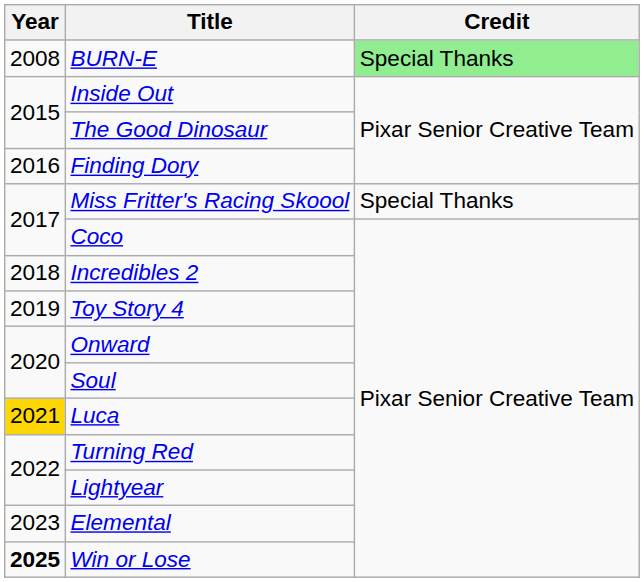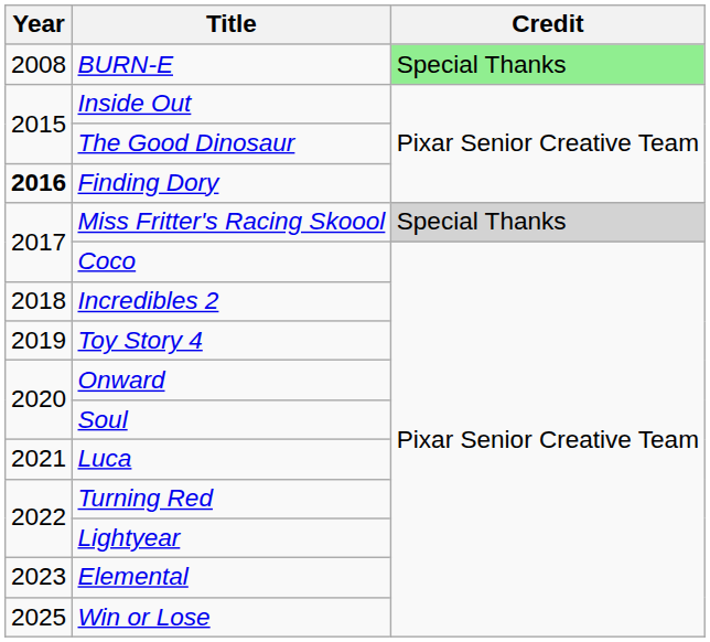 <table class="wikitable">
 <tr>
 <th>Year</th>
 <th>Title</th>
 <th>Credit</th>
 </tr>
 <tr>
 <td>2008</td>
 <td><em><a href='#'>BURN-E</a></em></td>
 <td style="background: lightgreen;">Special Thanks</td>
 </tr>
 <tr>
 <td rowspan=2>2015</td>
 <td><em><a href='#'>Inside Out</a></em></td>
 <td rowspan=3>Pixar Senior Creative Team</td>
 </tr>
 <tr>
 <td><em><a href='#'>The Good Dinosaur</a></em></td>
 </tr>
 <tr>
-<td>2016</td>
+<td><strong>2016</strong></td>
 <td><em><a href='#'>Finding Dory</a></em></td>
 </tr>
 <tr>
 <td rowspan=2>2017</td>
 <td><em><a href='#'>Miss Fritter's Racing Skoool</a></em></td>
-<td>Special Thanks</td>
+<td style="background: lightgrey;">Special Thanks</td>
 </tr>
 <tr>
 <td><em><a href='#'>Coco</a></em></td>
 <td rowspan=10>Pixar Senior Creative Team</td>
 </tr>
 <tr>
 <td>2018</td>
 <td><em><a href='#'>Incredibles 2</a></em></td>
 </tr>
 <tr>
 <td>2019</td>
 <td><em><a href='#'>Toy Story 4</a></em></td>
 </tr>
 <tr>
 <td rowspan=2>2020</td>
 <td><em><a href='#'>Onward</a></em></td>
 </tr>
 <tr>
 <td><em><a href='#'>Soul</a></em></td>
 </tr>
 <tr>
-<td style="background: gold;">2021</td>
+<td>2021</td>
 <td><em><a href='#'>Luca</a></em></td>
 </tr>
 <tr>
 <td rowspan=2>2022</td>
 <td><em><a href='#'>Turning Red</a></em></td>
 </tr>
 <tr>
 <td><em><a href='#'>Lightyear</a></em></td>
 </tr>
 <tr>
 <td>2023</td>
 <td><em><a href='#'>Elemental</a></em></td>
 </tr>
 <tr>
-<td><strong>2025</strong></td>
+<td>2025</td>
 <td><em><a href='#'>Win or Lose</a></em></td>
 </tr>
 </table>
